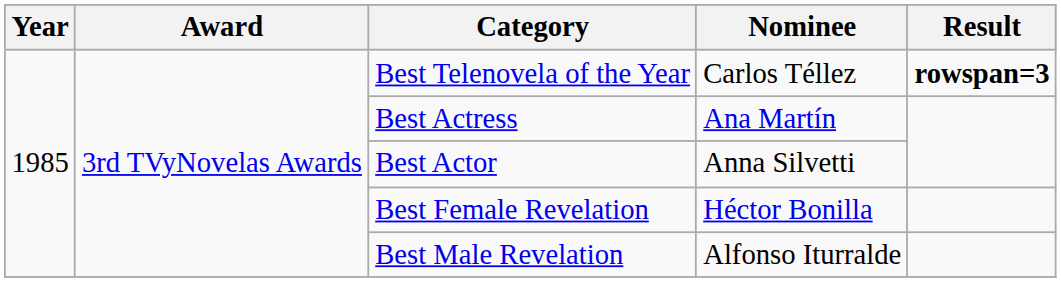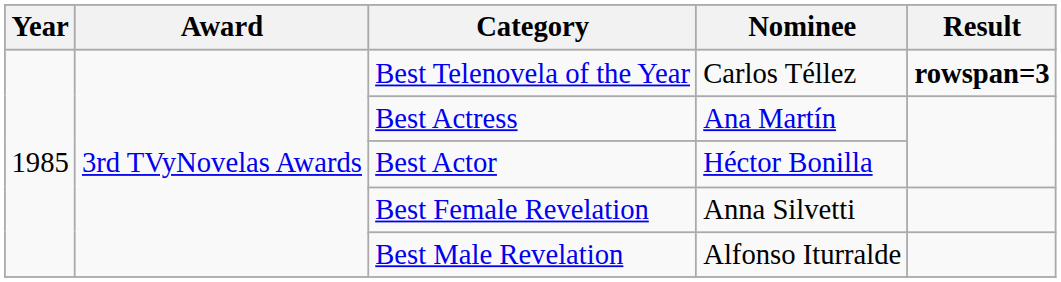 <table class="wikitable">
 <tr style="background:#b0c4de;">
 <th>Year</th>
 <th>Award</th>
 <th>Category</th>
 <th>Nominee</th>
 <th>Result</th>
 </tr>
 <tr>
 <td rowspan=5>1985</td>
 <td rowspan=5><a href='#'>3rd TVyNovelas Awards</a></td>
 <td><a href='#'>Best Telenovela of the Year</a></td>
 <td>Carlos Téllez</td>
 <td><strong>rowspan=3 </strong></td>
 </tr>
 <tr>
 <td><a href='#'>Best Actress</a></td>
 <td><a href='#'>Ana Martín</a></td>
 </tr>
 <tr>
 <td><a href='#'>Best Actor</a></td>
-<td>Anna Silvetti</td>
+<td><a href='#'>Héctor Bonilla</a></td>
 </tr>
 <tr>
 <td><a href='#'>Best Female Revelation</a></td>
-<td><a href='#'>Héctor Bonilla</a></td>
+<td>Anna Silvetti</td>
 <td></td>
 </tr>
 <tr>
 <td><a href='#'>Best Male Revelation</a></td>
 <td>Alfonso Iturralde</td>
 <td></td>
 </tr>
 </table>
